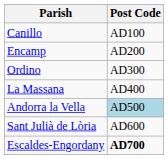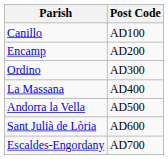 <table class="wikitable">
 <tr>
 <th>Parish</th>
 <th>Post Code</th>
 </tr>
 <tr>
 <td><a href='#'>Canillo</a></td>
 <td>AD100</td>
 </tr>
 <tr>
 <td><a href='#'>Encamp</a></td>
 <td>AD200</td>
 </tr>
 <tr>
 <td><a href='#'>Ordino</a></td>
 <td>AD300</td>
 </tr>
 <tr>
 <td><a href='#'>La Massana</a></td>
 <td>AD400</td>
 </tr>
 <tr>
 <td><a href='#'>Andorra la Vella</a></td>
-<td style="background: lightblue;">AD500</td>
+<td>AD500</td>
 </tr>
 <tr>
 <td><a href='#'>Sant Julià de Lòria</a></td>
 <td>AD600</td>
 </tr>
 <tr>
 <td><a href='#'>Escaldes-Engordany</a></td>
-<td><strong>AD700</strong></td>
+<td>AD700</td>
 </tr>
 </table>
